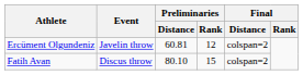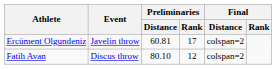 <table class=wikitable style="font-size:90%;">
 <tr>
 <th rowspan=2>Athlete</th>
 <th rowspan=2>Event</th>
 <th colspan=2>Preliminaries</th>
 <th colspan=2>Final</th>
 </tr>
 <tr>
 <th>Distance</th>
 <th>Rank</th>
 <th>Distance</th>
 <th>Rank</th>
 </tr>
 <tr>
 <td><a href='#'>Ercüment Olgundeniz</a></td>
 <td><a href='#'>Javelin throw</a></td>
 <td align="center">60.81</td>
-<td align="center">12</td>
+<td align="center">17</td>
 <td>colspan=2 </td>
 </tr>
 <tr>
 <td><a href='#'>Fatih Avan</a></td>
 <td><a href='#'>Discus throw</a></td>
 <td align="center">80.10</td>
-<td align="center">15</td>
+<td align="center">12</td>
 <td>colspan=2 </td>
 </tr>
 </table>
